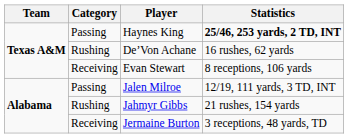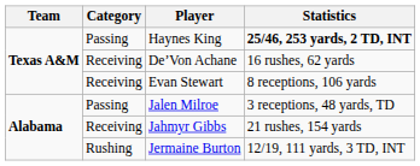 <table class="wikitable" style="float: right;">
 <tr>
 <th>Team</th>
 <th>Category</th>
 <th>Player</th>
 <th>Statistics</th>
 </tr>
 <tr>
 <td rowspan=3><strong>Texas A&M</strong></td>
 <td>Passing</td>
 <td>Haynes King</td>
 <td><strong>25/46, 253 yards, 2 TD, INT</strong></td>
 </tr>
 <tr>
-<td>Rushing</td>
+<td>Receiving</td>
 <td>De’Von Achane</td>
 <td>16 rushes, 62 yards</td>
 </tr>
 <tr>
 <td>Receiving</td>
 <td>Evan Stewart</td>
 <td>8 receptions, 106 yards</td>
 </tr>
 <tr>
 <td rowspan=3><strong>Alabama</strong></td>
 <td>Passing</td>
 <td><a href='#'>Jalen Milroe</a></td>
-<td>12/19, 111 yards, 3 TD, INT</td>
+<td>3 receptions, 48 yards, TD</td>
 </tr>
 <tr>
-<td>Rushing</td>
+<td>Receiving</td>
 <td><a href='#'>Jahmyr Gibbs</a></td>
 <td>21 rushes, 154 yards</td>
 </tr>
 <tr>
-<td>Receiving</td>
+<td>Rushing</td>
 <td><a href='#'>Jermaine Burton</a></td>
-<td>3 receptions, 48 yards, TD</td>
+<td>12/19, 111 yards, 3 TD, INT</td>
 </tr>
 </table>
